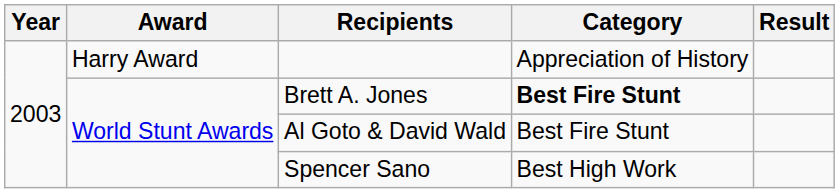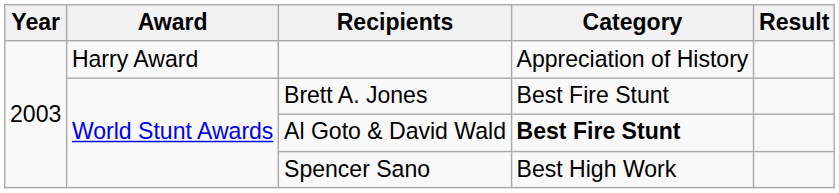 <table class="wikitable sortable">
 <tr>
 <th>Year</th>
 <th>Award</th>
 <th>Recipients</th>
 <th>Category</th>
 <th>Result</th>
 </tr>
 <tr>
 <td rowspan="4">2003</td>
 <td>Harry Award</td>
 <td></td>
 <td>Appreciation of History</td>
 <td></td>
 </tr>
 <tr>
 <td rowspan="3"><a href='#'>World Stunt Awards</a></td>
 <td>Brett A. Jones</td>
-<td><strong>Best Fire Stunt</strong></td>
+<td>Best Fire Stunt</td>
 <td></td>
 </tr>
 <tr>
 <td>Al Goto & David Wald</td>
-<td>Best Fire Stunt</td>
+<td><strong>Best Fire Stunt</strong></td>
 <td></td>
 </tr>
 <tr>
 <td>Spencer Sano</td>
 <td>Best High Work</td>
 <td></td>
 </tr>
 </table>
